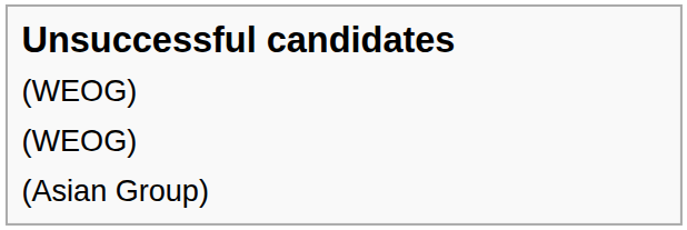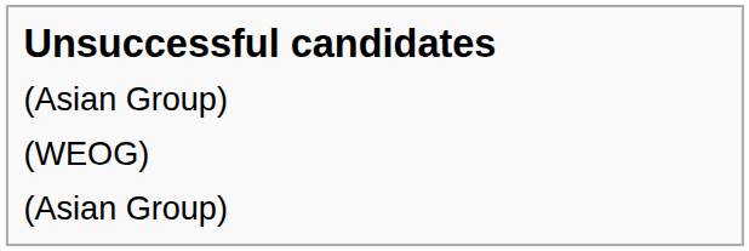 <table class="infobox" style="width:300px;">
 <tr>
 <td><strong>Unsuccessful candidates</strong></td>
 </tr>
 <tr>
-<td> <small>(WEOG)</small></td>
+<td> <small>(Asian Group)</small></td>
 </tr>
 <tr>
 <td> <small>(WEOG)</small></td>
 </tr>
 <tr>
 <td> <small>(Asian Group)</small></td>
 </tr>
 </table>
